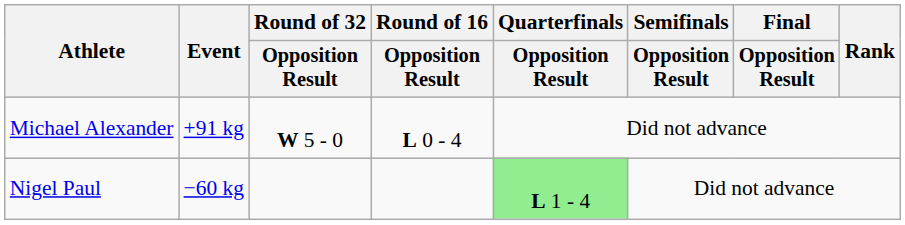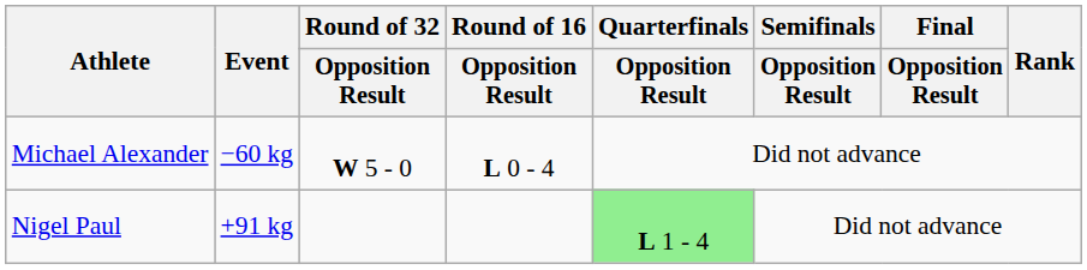 <table class="wikitable" style="font-size:90%;">
 <tr>
 <th rowspan=2>Athlete</th>
 <th rowspan=2>Event</th>
 <th>Round of 32</th>
 <th>Round of 16</th>
 <th>Quarterfinals</th>
 <th>Semifinals</th>
 <th>Final</th>
 <th rowspan=2>Rank</th>
 </tr>
 <tr style="font-size:95%">
 <th>Opposition<br>Result</th>
 <th>Opposition<br>Result</th>
 <th>Opposition<br>Result</th>
 <th>Opposition<br>Result</th>
 <th>Opposition<br>Result</th>
 </tr>
 <tr align=center>
 <td align=left><a href='#'>Michael Alexander</a></td>
-<td align=left><a href='#'>+91 kg</a></td>
+<td align=left><a href='#'>−60 kg</a></td>
 <td><br><strong>W</strong> 5 - 0</td>
 <td><br><strong>L</strong> 0 - 4</td>
 <td colspan=4>Did not advance</td>
 </tr>
 <tr align=center>
 <td align=left><a href='#'>Nigel Paul</a></td>
-<td align=left><a href='#'>−60 kg</a></td>
+<td align=left><a href='#'>+91 kg</a></td>
 <td></td>
 <td></td>
 <td style="background: lightgreen;"><br><strong>L</strong> 1 - 4</td>
 <td colspan=3>Did not advance</td>
 </tr>
 </table>
